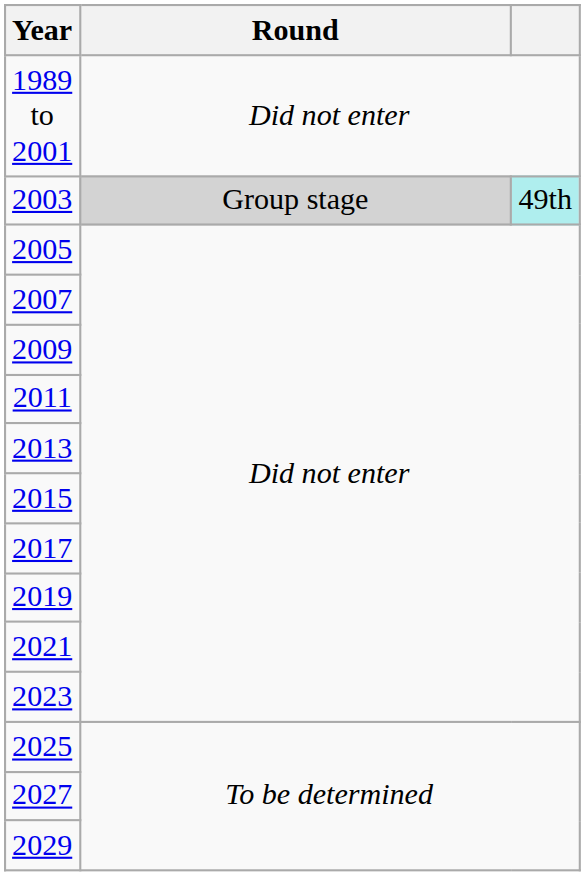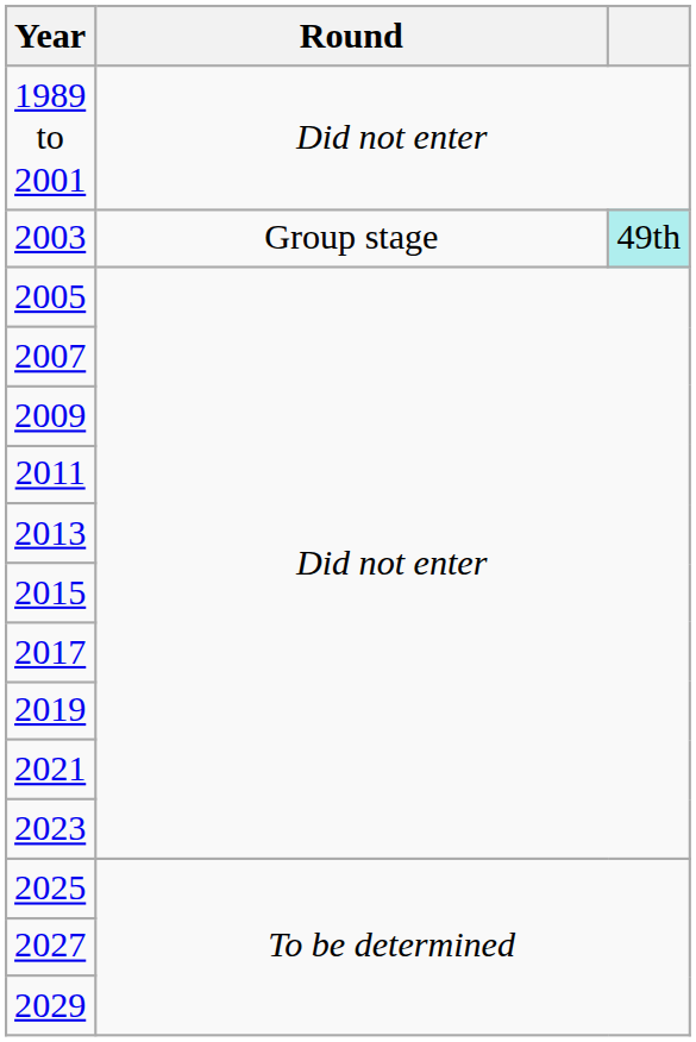 <table class="wikitable" style="text-align: center; font-size:90%">
 <tr>
 <th>Year</th>
 <th style="width:200px">Round</th>
 <th></th>
 </tr>
 <tr>
 <td><a href='#'>1989</a><br>to<br><a href='#'>2001</a></td>
 <td colspan="2"><em>Did not enter</em></td>
 </tr>
 <tr>
 <td><a href='#'>2003</a></td>
-<td style="background: lightgrey;">Group stage</td>
+<td>Group stage</td>
 <td style="background: paleturquoise;">49th</td>
 </tr>
 <tr>
 <td><a href='#'>2005</a></td>
 <td colspan="2" rowspan="10"><em>Did not enter</em></td>
 </tr>
 <tr>
 <td><a href='#'>2007</a></td>
 </tr>
 <tr>
 <td><a href='#'>2009</a></td>
 </tr>
 <tr>
 <td><a href='#'>2011</a></td>
 </tr>
 <tr>
 <td><a href='#'>2013</a></td>
 </tr>
 <tr>
 <td><a href='#'>2015</a></td>
 </tr>
 <tr>
 <td><a href='#'>2017</a></td>
 </tr>
 <tr>
 <td><a href='#'>2019</a></td>
 </tr>
 <tr>
 <td><a href='#'>2021</a></td>
 </tr>
 <tr>
 <td><a href='#'>2023</a></td>
 </tr>
 <tr>
 <td><a href='#'>2025</a></td>
 <td colspan="2" rowspan="3"><em>To be determined</em></td>
 </tr>
 <tr>
 <td><a href='#'>2027</a></td>
 </tr>
 <tr>
 <td><a href='#'>2029</a></td>
 </tr>
 </table>
